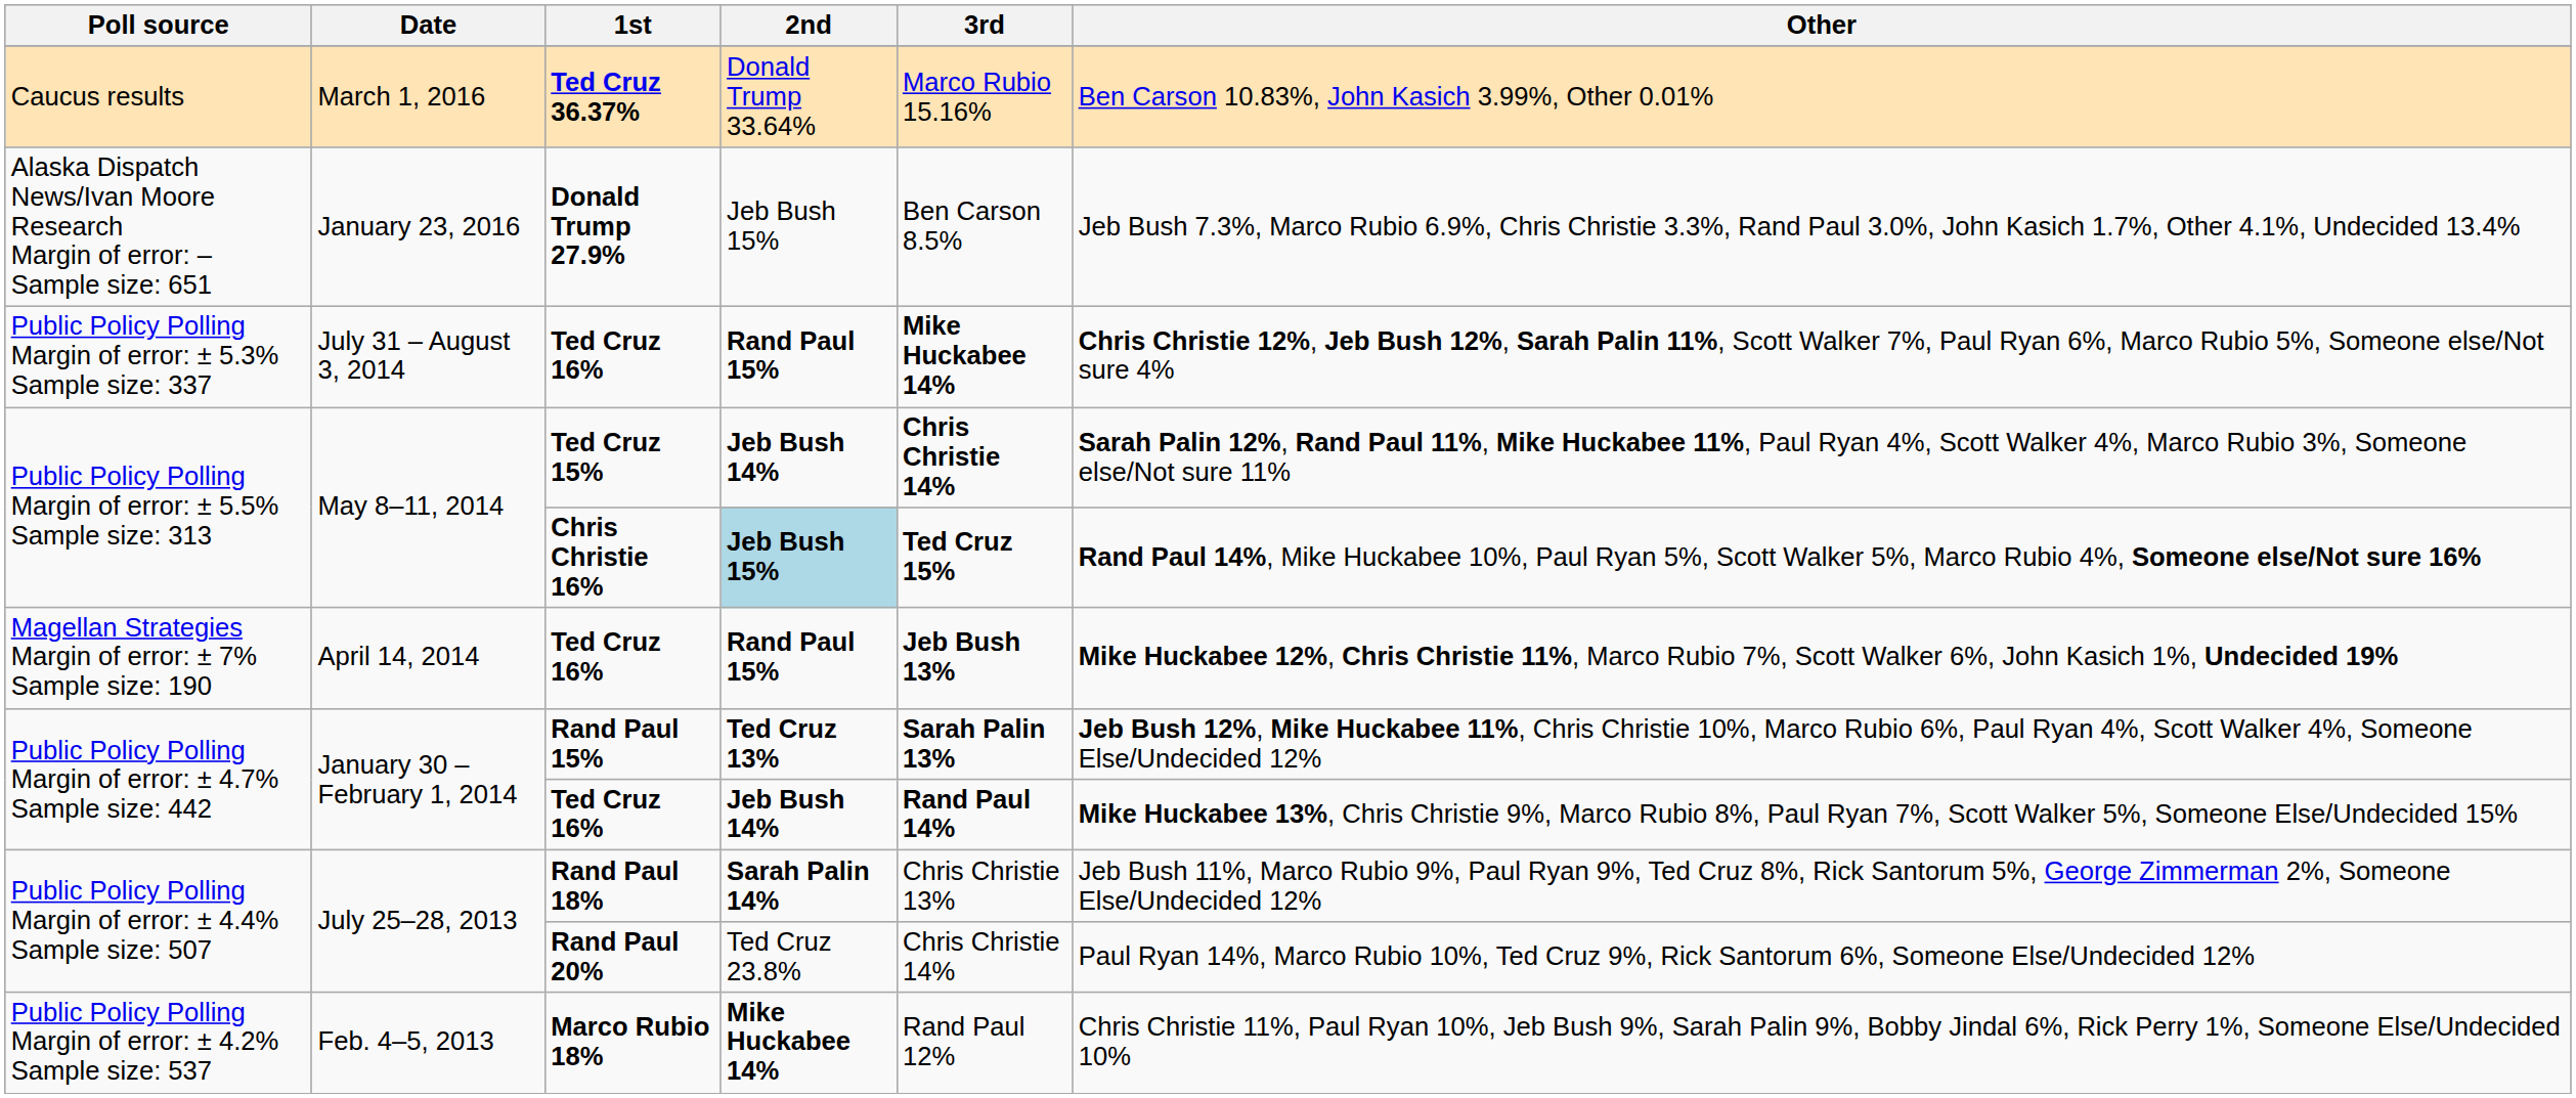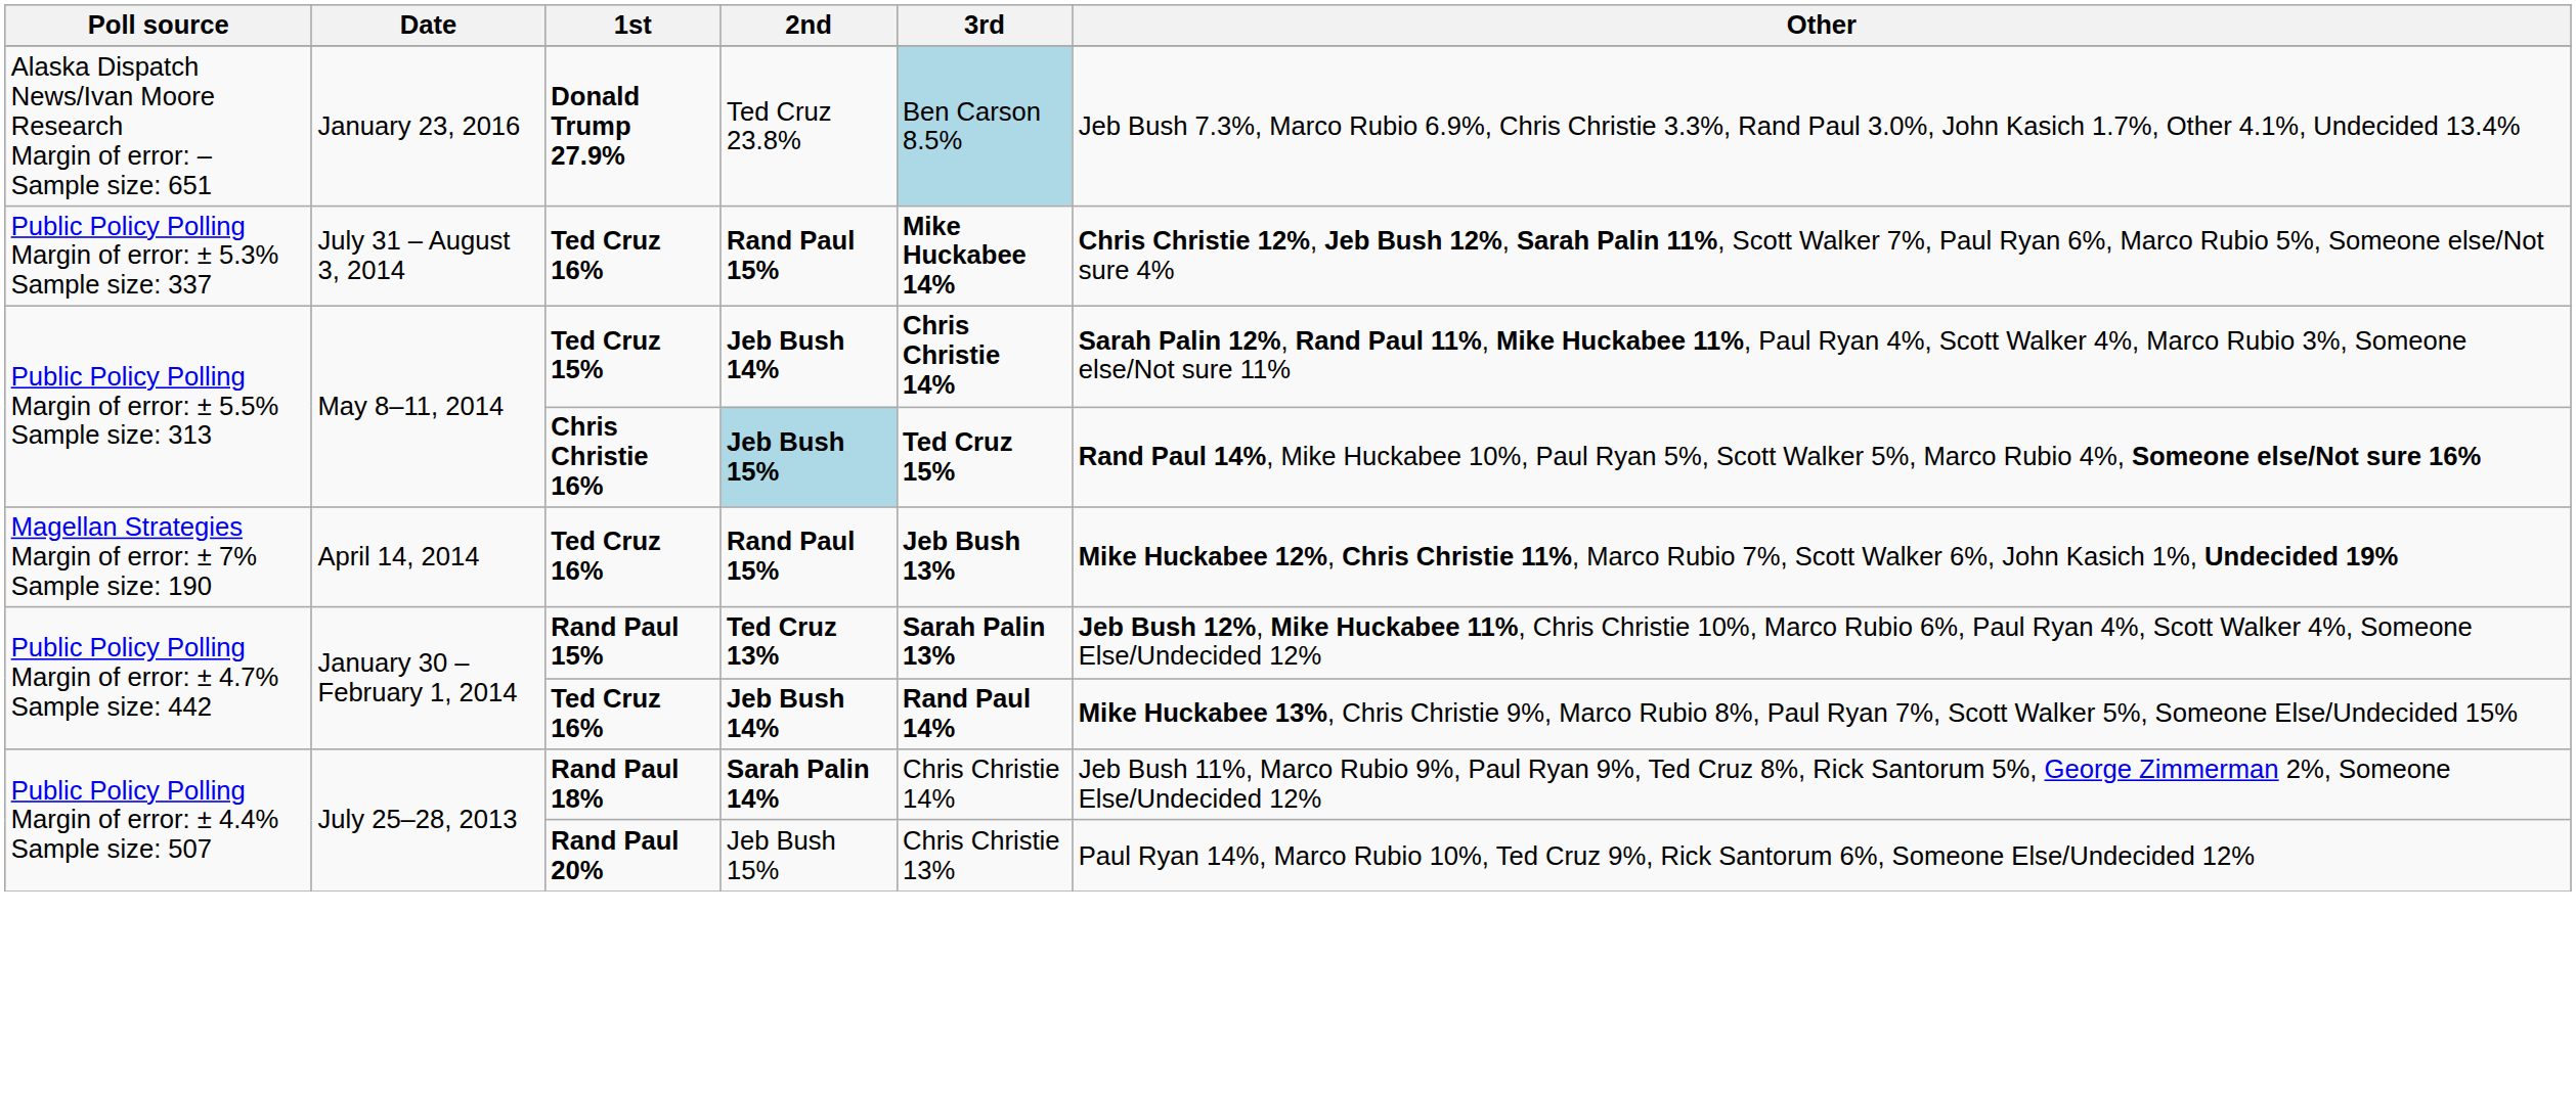 <table class="wikitable">
 <tr>
 <th style="width:180px;">Poll source</th>
 <th style="width:135px;">Date</th>
 <th style="width:100px;">1st</th>
 <th style="width:100px;">2nd</th>
 <th style="width:100px;">3rd</th>
 <th>Other</th>
 </tr>
 <tr>
 </tr>
-<tr style="background:Moccasin;">
-<td>Caucus results</td>
-<td>March 1, 2016</td>
-<td><strong><a href='#'>Ted Cruz</a><br>36.37%</strong></td>
-<td><a href='#'>Donald Trump</a><br>33.64%</td>
-<td><a href='#'>Marco Rubio</a><br>15.16%</td>
-<td><a href='#'>Ben Carson</a> 10.83%, <a href='#'>John Kasich</a> 3.99%, Other 0.01%</td>
-</tr>
 <tr>
 <td>Alaska Dispatch News/Ivan Moore Research<br>Margin of error: – <br>Sample size: 651</td>
 <td>January 23, 2016</td>
 <td><strong>Donald Trump<br>27.9%</strong></td>
-<td>Jeb Bush<br>15%</td>
-<td>Ben Carson<br>8.5%</td>
+<td>Ted Cruz<br>23.8%</td>
+<td style="background: lightblue;">Ben Carson<br>8.5%</td>
 <td>Jeb Bush 7.3%, Marco Rubio 6.9%, Chris Christie 3.3%, Rand Paul 3.0%, John Kasich 1.7%, Other 4.1%, Undecided 13.4%</td>
 </tr>
 <tr>
 <td><a href='#'>Public Policy Polling</a><br>Margin of error: ± 5.3% <br>Sample size: 337</td>
 <td>July 31 – August 3, 2014</td>
 <td><strong>Ted Cruz<br>16%</strong></td>
 <td><strong>Rand Paul<br>15%</strong></td>
 <td><strong>Mike Huckabee<br>14%</strong></td>
 <td><span><strong>Chris Christie 12%</strong></span>, <span><strong>Jeb Bush 12%</strong></span>, <span><strong>Sarah Palin 11%</strong></span>, Scott Walker 7%, Paul Ryan 6%, Marco Rubio 5%, Someone else/Not sure 4%</td>
 </tr>
 <tr>
 <td rowspan=2><a href='#'>Public Policy Polling</a><br>Margin of error: ± 5.5% <br>Sample size: 313</td>
 <td rowspan=2>May 8–11, 2014</td>
 <td><strong>Ted Cruz<br>15%</strong></td>
 <td><strong>Jeb Bush<br>14%</strong></td>
 <td><strong>Chris Christie<br>14%</strong></td>
 <td><span><strong>Sarah Palin 12%</strong></span>, <span><strong>Rand Paul 11%</strong></span>, <span><strong>Mike Huckabee 11%</strong></span>, Paul Ryan 4%, Scott Walker 4%, Marco Rubio 3%, Someone else/Not sure 11%</td>
 </tr>
 <tr>
 <td><strong>Chris Christie<br>16%</strong></td>
 <td style="background: lightblue;"><strong>Jeb Bush<br>15%</strong></td>
 <td><strong>Ted Cruz<br>15%</strong></td>
 <td><span><strong>Rand Paul 14%</strong></span>, Mike Huckabee 10%, Paul Ryan 5%, Scott Walker 5%, Marco Rubio 4%, <span><strong>Someone else/Not sure 16%</strong></span></td>
 </tr>
 <tr>
 <td><a href='#'>Magellan Strategies</a><br>Margin of error: ± 7% <br>Sample size: 190</td>
 <td>April 14, 2014</td>
 <td><strong>Ted Cruz<br>16%</strong></td>
 <td><strong>Rand Paul<br>15%</strong></td>
 <td><strong>Jeb Bush<br>13%</strong></td>
 <td><span><strong>Mike Huckabee 12%</strong></span>, <span><strong>Chris Christie 11%</strong></span>, Marco Rubio 7%, Scott Walker 6%, John Kasich 1%, <span><strong>Undecided 19%</strong></span></td>
 </tr>
 <tr>
 <td rowspan=2><a href='#'>Public Policy Polling</a><br>Margin of error: ± 4.7% <br>Sample size: 442</td>
 <td rowspan=2>January 30 – February 1, 2014</td>
 <td><strong>Rand Paul<br>15%</strong></td>
 <td><strong>Ted Cruz<br>13%</strong></td>
 <td><strong>Sarah Palin<br>13%</strong></td>
 <td><span><strong>Jeb Bush 12%</strong></span>, <span><strong>Mike Huckabee 11%</strong></span>, Chris Christie 10%, Marco Rubio 6%, Paul Ryan 4%, Scott Walker 4%, Someone Else/Undecided 12%</td>
 </tr>
 <tr>
 <td><strong>Ted Cruz<br>16%</strong></td>
 <td><strong>Jeb Bush<br>14%</strong></td>
 <td><strong>Rand Paul<br>14%</strong></td>
 <td><span><strong>Mike Huckabee 13%</strong></span>, Chris Christie 9%, Marco Rubio 8%, Paul Ryan 7%, Scott Walker 5%, Someone Else/Undecided 15%</td>
 </tr>
 <tr>
 <td rowspan=2><a href='#'>Public Policy Polling</a><br>Margin of error: ± 4.4% <br>Sample size: 507</td>
 <td rowspan=2>July 25–28, 2013</td>
 <td><strong>Rand Paul<br>18%</strong></td>
 <td><strong>Sarah Palin<br>14%</strong></td>
-<td>Chris Christie<br>13%</td>
+<td>Chris Christie<br>14%</td>
 <td>Jeb Bush 11%, Marco Rubio 9%, Paul Ryan 9%, Ted Cruz 8%, Rick Santorum 5%, <a href='#'>George Zimmerman</a> 2%, Someone Else/Undecided 12%</td>
 </tr>
 <tr>
 <td><strong>Rand Paul<br>20%</strong></td>
-<td>Ted Cruz<br>23.8%</td>
-<td>Chris Christie<br>14%</td>
+<td>Jeb Bush<br>15%</td>
+<td>Chris Christie<br>13%</td>
 <td>Paul Ryan 14%, Marco Rubio 10%, Ted Cruz 9%, Rick Santorum 6%, Someone Else/Undecided 12%</td>
 </tr>
-<tr>
-<td><a href='#'>Public Policy Polling</a><br>Margin of error: ± 4.2% <br>Sample size: 537</td>
-<td>Feb. 4–5, 2013</td>
-<td><strong>Marco Rubio<br>18%</strong></td>
-<td><strong>Mike Huckabee<br>14%</strong></td>
-<td>Rand Paul<br>12%</td>
-<td>Chris Christie 11%, Paul Ryan 10%, Jeb Bush 9%, Sarah Palin 9%, Bobby Jindal 6%, Rick Perry 1%, Someone Else/Undecided 10%</td>
-</tr>
 </table>
